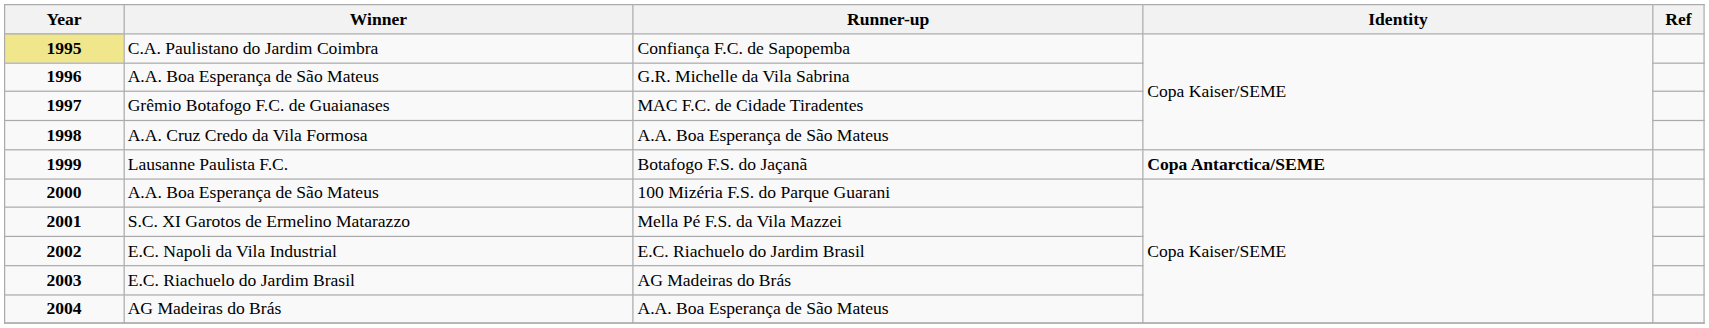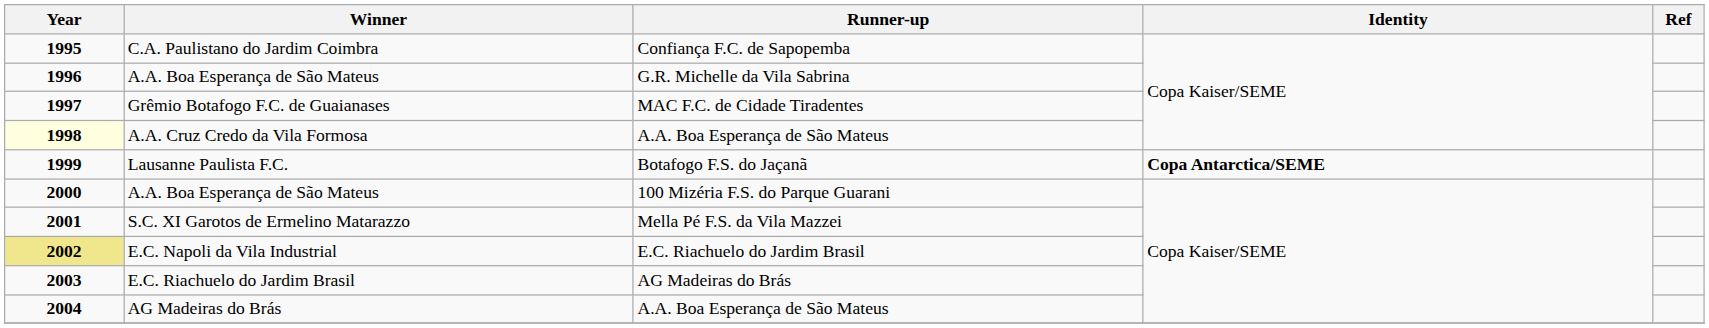 <table class="wikitable sortable" style="width:88%; font-size:90%">
 <tr>
 <th width="7%"><strong>Year</strong></th>
 <th width="30%"><strong>Winner</strong></th>
 <th width="30%"><strong>Runner-up</strong></th>
 <th width="30%"><strong>Identity</strong></th>
 <th width="5%"><strong>Ref</strong></th>
 </tr>
 <tr>
-<td align="center" style="background: khaki;"><strong>1995</strong></td>
+<td align="center"><strong>1995</strong></td>
 <td>C.A. Paulistano do Jardim Coimbra</td>
 <td>Confiança F.C. de Sapopemba</td>
 <td rowspan="4">Copa Kaiser/SEME</td>
 <td></td>
 </tr>
 <tr>
 <td align="center"><strong>1996</strong></td>
 <td>A.A. Boa Esperança de São Mateus</td>
 <td>G.R. Michelle da Vila Sabrina</td>
 <td></td>
 </tr>
 <tr>
 <td align="center"><strong>1997</strong></td>
 <td>Grêmio Botafogo F.C. de Guaianases</td>
 <td>MAC F.C. de Cidade Tiradentes</td>
 <td></td>
 </tr>
 <tr>
-<td align="center"><strong>1998</strong></td>
+<td align="center" style="background: lightyellow;"><strong>1998</strong></td>
 <td>A.A. Cruz Credo da Vila Formosa</td>
 <td>A.A. Boa Esperança de São Mateus</td>
 <td></td>
 </tr>
 <tr>
 <td align="center"><strong>1999</strong></td>
 <td>Lausanne Paulista F.C.</td>
 <td>Botafogo F.S. do Jaçanã</td>
 <td><strong>Copa Antarctica/SEME</strong></td>
 <td></td>
 </tr>
 <tr>
 <td align="center"><strong>2000</strong></td>
 <td>A.A. Boa Esperança de São Mateus</td>
 <td>100 Mizéria F.S. do Parque Guarani</td>
 <td rowspan="5">Copa Kaiser/SEME</td>
 <td></td>
 </tr>
 <tr>
 <td align="center"><strong>2001</strong></td>
 <td>S.C. XI Garotos de Ermelino Matarazzo</td>
 <td>Mella Pé F.S. da Vila Mazzei</td>
 <td></td>
 </tr>
 <tr>
-<td align="center"><strong>2002</strong></td>
+<td align="center" style="background: khaki;"><strong>2002</strong></td>
 <td>E.C. Napoli da Vila Industrial</td>
 <td>E.C. Riachuelo do Jardim Brasil</td>
 <td></td>
 </tr>
 <tr>
 <td align="center"><strong>2003</strong></td>
 <td>E.C. Riachuelo do Jardim Brasil</td>
 <td>AG Madeiras do Brás</td>
 <td></td>
 </tr>
 <tr>
 <td align="center"><strong>2004</strong></td>
 <td>AG Madeiras do Brás</td>
 <td>A.A. Boa Esperança de São Mateus</td>
 <td></td>
 </tr>
 <tr>
 </tr>
 </table>
